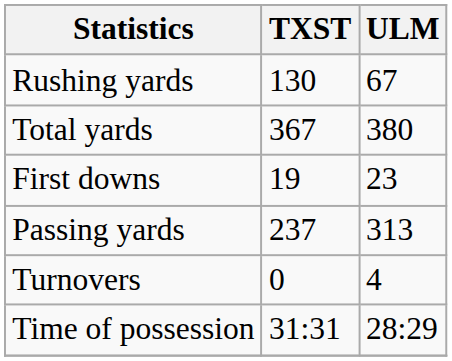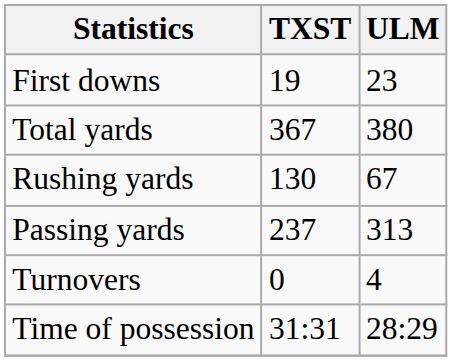 <table class="wikitable">
 <tr>
 <th>Statistics</th>
 <th>TXST</th>
 <th>ULM</th>
 </tr>
 <tr>
-<td>Rushing yards</td>
-<td>130</td>
-<td>67</td>
+<td>First downs</td>
+<td>19</td>
+<td>23</td>
 </tr>
 <tr>
 <td>Total yards</td>
 <td>367</td>
 <td>380</td>
 </tr>
 <tr>
-<td>First downs</td>
-<td>19</td>
-<td>23</td>
+<td>Rushing yards</td>
+<td>130</td>
+<td>67</td>
 </tr>
 <tr>
 <td>Passing yards</td>
 <td>237</td>
 <td>313</td>
 </tr>
 <tr>
 <td>Turnovers</td>
 <td>0</td>
 <td>4</td>
 </tr>
 <tr>
 <td>Time of possession</td>
 <td>31:31</td>
 <td>28:29</td>
 </tr>
 <tr>
 </tr>
 </table>
